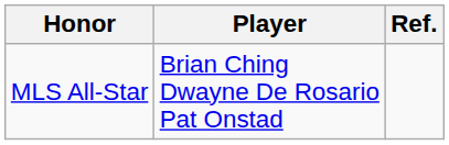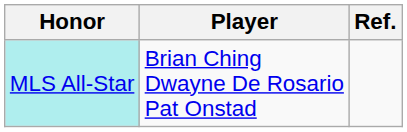 <table class="wikitable">
 <tr>
 <th>Honor</th>
 <th>Player</th>
 <th>Ref.</th>
 </tr>
 <tr>
-<td><a href='#'>MLS All-Star</a></td>
+<td style="background: paleturquoise;"><a href='#'>MLS All-Star</a></td>
 <td> <a href='#'>Brian Ching</a><br> <a href='#'>Dwayne De Rosario</a><br> <a href='#'>Pat Onstad</a></td>
 <td></td>
 </tr>
 </table>
